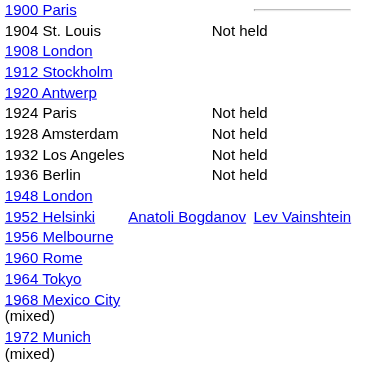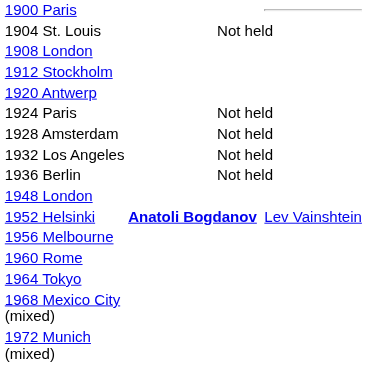 <table>
 <tr>
 <td><a href='#'>1900 Paris</a><br></td>
 <td></td>
 <td></td>
 <td><hr></td>
 </tr>
 <tr>
 <td>1904 St. Louis</td>
 <td colspan=3 align=center>Not held</td>
 </tr>
 <tr>
 <td><a href='#'>1908 London</a><br></td>
 <td></td>
 <td></td>
 <td></td>
 </tr>
 <tr>
 <td><a href='#'>1912 Stockholm</a><br></td>
 <td></td>
 <td></td>
 <td></td>
 </tr>
 <tr>
 <td><a href='#'>1920 Antwerp</a><br></td>
 <td></td>
 <td></td>
 <td></td>
 </tr>
 <tr>
 <td>1924 Paris</td>
 <td colspan=3 align=center>Not held</td>
 </tr>
 <tr>
 <td>1928 Amsterdam</td>
 <td colspan=3 align=center>Not held</td>
 </tr>
 <tr>
 <td>1932 Los Angeles</td>
 <td colspan=3 align=center>Not held</td>
 </tr>
 <tr>
 <td>1936 Berlin</td>
 <td colspan=3 align=center>Not held</td>
 </tr>
 <tr>
 <td><a href='#'>1948 London</a><br></td>
 <td></td>
 <td></td>
 <td></td>
 </tr>
 <tr>
 <td><a href='#'>1952 Helsinki</a><br></td>
-<td><a href='#'>Anatoli Bogdanov</a><br></td>
+<td><strong><a href='#'>Anatoli Bogdanov</a><br></strong></td>
 <td></td>
 <td><a href='#'>Lev Vainshtein</a><br></td>
 </tr>
 <tr>
 <td><a href='#'>1956 Melbourne</a><br></td>
 <td></td>
 <td></td>
 <td></td>
 </tr>
 <tr>
 <td><a href='#'>1960 Rome</a><br></td>
 <td></td>
 <td></td>
 <td></td>
 </tr>
 <tr>
 <td><a href='#'>1964 Tokyo</a><br></td>
 <td></td>
 <td></td>
 <td></td>
 </tr>
 <tr>
 <td><a href='#'>1968 Mexico City</a><br> (mixed)</td>
 <td></td>
 <td></td>
 <td></td>
 </tr>
 <tr>
 <td><a href='#'>1972 Munich</a><br> (mixed)</td>
 <td></td>
 <td></td>
 <td></td>
 </tr>
 </table>
